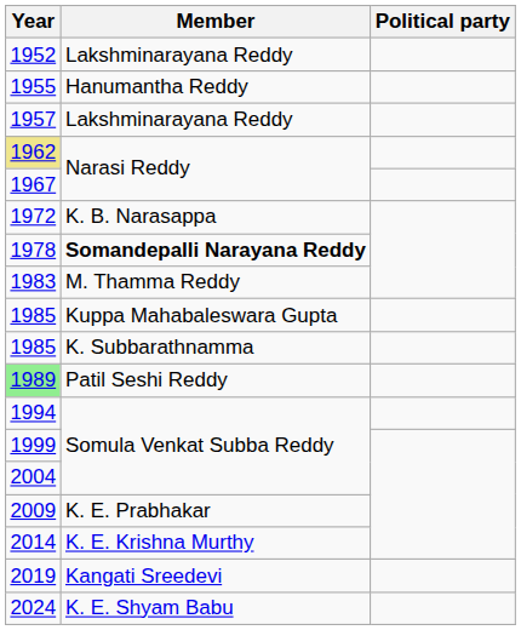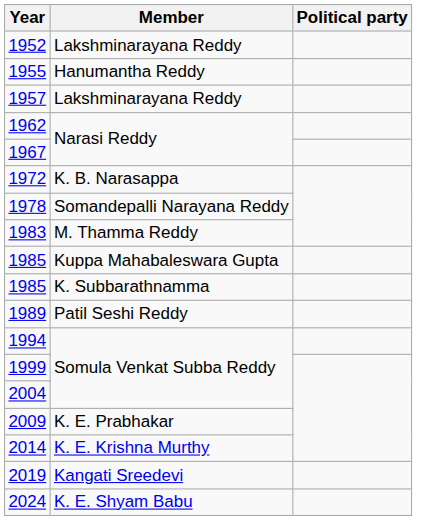 <table class="wikitable sortable">
 <tr>
 <th>Year</th>
 <th>Member</th>
 <th colspan="2">Political party</th>
 </tr>
 <tr>
 <td><a href='#'>1952</a></td>
 <td>Lakshminarayana Reddy</td>
 <td></td>
 </tr>
 <tr>
 <td><a href='#'>1955</a></td>
 <td>Hanumantha Reddy</td>
 <td></td>
 </tr>
 <tr>
 <td><a href='#'>1957</a></td>
 <td>Lakshminarayana Reddy</td>
 <td></td>
 </tr>
 <tr>
-<td style="background: khaki;"><a href='#'>1962</a></td>
+<td><a href='#'>1962</a></td>
 <td rowspan=2>Narasi Reddy</td>
 </tr>
 <tr>
 <td><a href='#'>1967</a></td>
 <td></td>
 </tr>
 <tr>
 <td><a href='#'>1972</a></td>
 <td>K. B. Narasappa</td>
 </tr>
 <tr>
 <td><a href='#'>1978</a></td>
-<td><strong>Somandepalli Narayana Reddy</strong></td>
+<td>Somandepalli Narayana Reddy</td>
 </tr>
 <tr>
 <td><a href='#'>1983</a></td>
 <td>M. Thamma Reddy</td>
 </tr>
 <tr>
 <td><a href='#'>1985</a></td>
 <td>Kuppa Mahabaleswara Gupta</td>
 <td></td>
 </tr>
 <tr>
 <td><a href='#'>1985</a></td>
 <td>K. Subbarathnamma</td>
 </tr>
 <tr>
-<td style="background: lightgreen;"><a href='#'>1989</a></td>
+<td><a href='#'>1989</a></td>
 <td>Patil Seshi Reddy</td>
 <td></td>
 </tr>
 <tr>
 <td><a href='#'>1994</a></td>
 <td rowspan=3>Somula Venkat Subba Reddy</td>
 <td></td>
 </tr>
 <tr>
 <td><a href='#'>1999</a></td>
 </tr>
 <tr>
 <td><a href='#'>2004</a></td>
 </tr>
 <tr>
 <td><a href='#'>2009</a></td>
 <td>K. E. Prabhakar</td>
 </tr>
 <tr>
 <td><a href='#'>2014</a></td>
 <td><a href='#'>K. E. Krishna Murthy</a></td>
 </tr>
 <tr>
 <td><a href='#'>2019</a></td>
 <td><a href='#'>Kangati Sreedevi</a></td>
 <td></td>
 </tr>
 <tr>
 <td><a href='#'>2024</a></td>
 <td><a href='#'>K. E. Shyam Babu</a></td>
 <td></td>
 </tr>
 </table>
